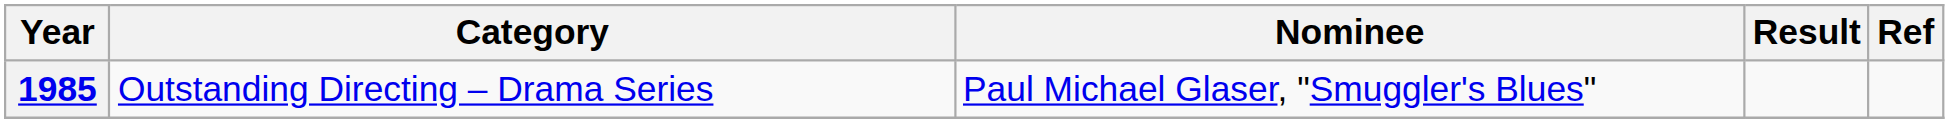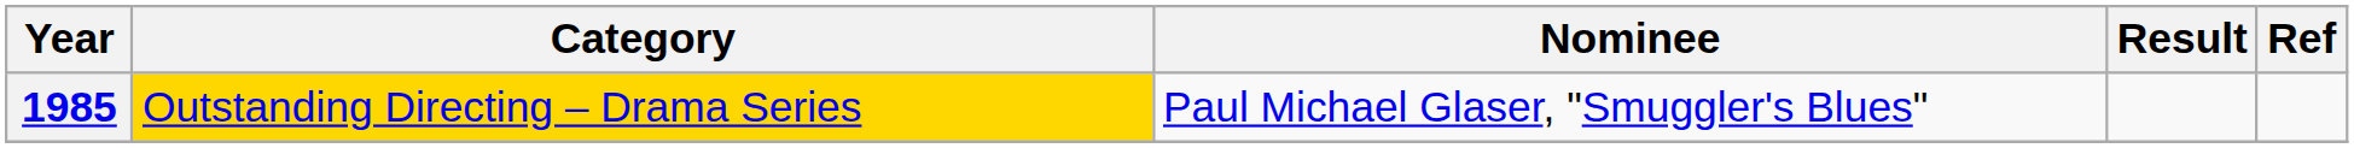 <table class="wikitable plainrowheaders">
 <tr>
 <th scope="col"; width=40>Year</th>
 <th scope="col"; width=375>Category</th>
 <th scope="col"; width=350>Nominee</th>
 <th scope="col"; width=40>Result</th>
 <th scope="col"; width=25>Ref</th>
 </tr>
 <tr>
 <th scope="row"><a href='#'>1985</a></th>
-<td><a href='#'>Outstanding Directing – Drama Series</a></td>
+<td style="background: gold;"><a href='#'>Outstanding Directing – Drama Series</a></td>
 <td><a href='#'>Paul Michael Glaser</a>, "<a href='#'>Smuggler's Blues</a>"</td>
 <td></td>
 <td></td>
 </tr>
 <tr>
 </tr>
 </table>
